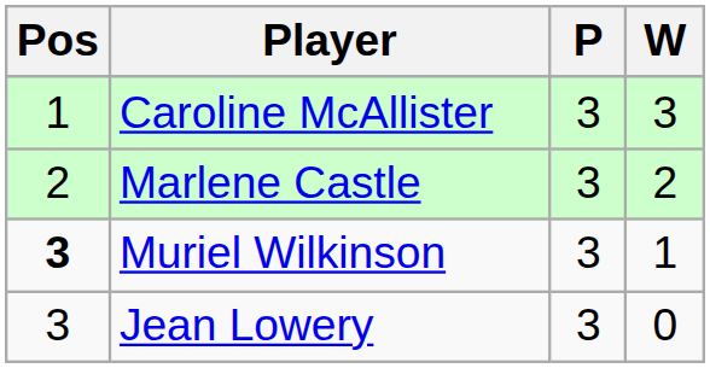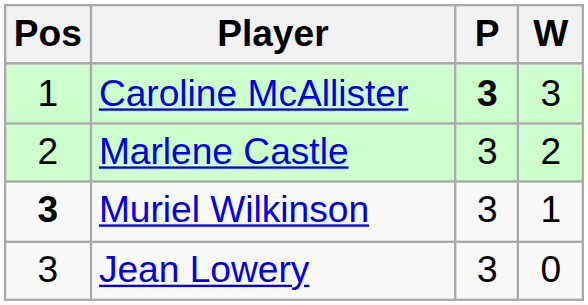 <table class="wikitable">
 <tr>
 <th width=20>Pos</th>
 <th width=150>Player</th>
 <th width=20>P</th>
 <th width=20>W</th>
 </tr>
 <tr>
 </tr>
 <tr align=center style="background: #ccffcc;">
 <td>1</td>
 <td align="left"> <a href='#'>Caroline McAllister</a></td>
-<td>3</td>
+<td><strong>3</strong></td>
 <td>3</td>
 </tr>
 <tr align=center style="background: #ccffcc;">
 <td>2</td>
 <td align="left"> <a href='#'>Marlene Castle</a></td>
 <td>3</td>
 <td>2</td>
 </tr>
 <tr align=center>
 <td><strong>3</strong></td>
 <td align="left"> <a href='#'>Muriel Wilkinson</a></td>
 <td>3</td>
 <td>1</td>
 </tr>
 <tr align=center>
 <td>3</td>
 <td align="left"> <a href='#'>Jean Lowery</a></td>
 <td>3</td>
 <td>0</td>
 </tr>
 </table>
